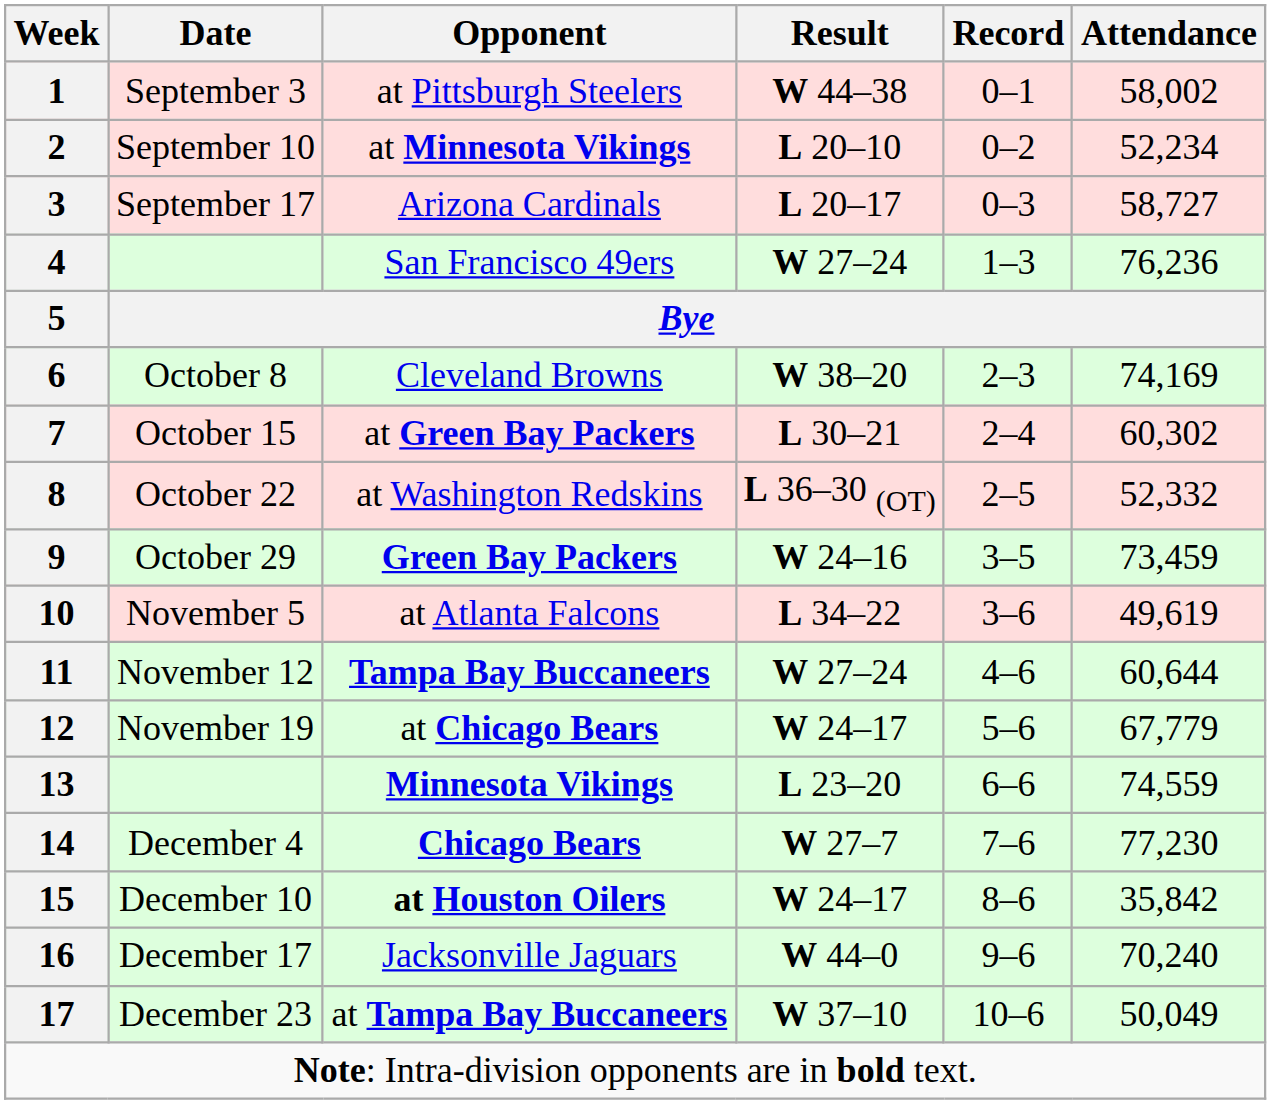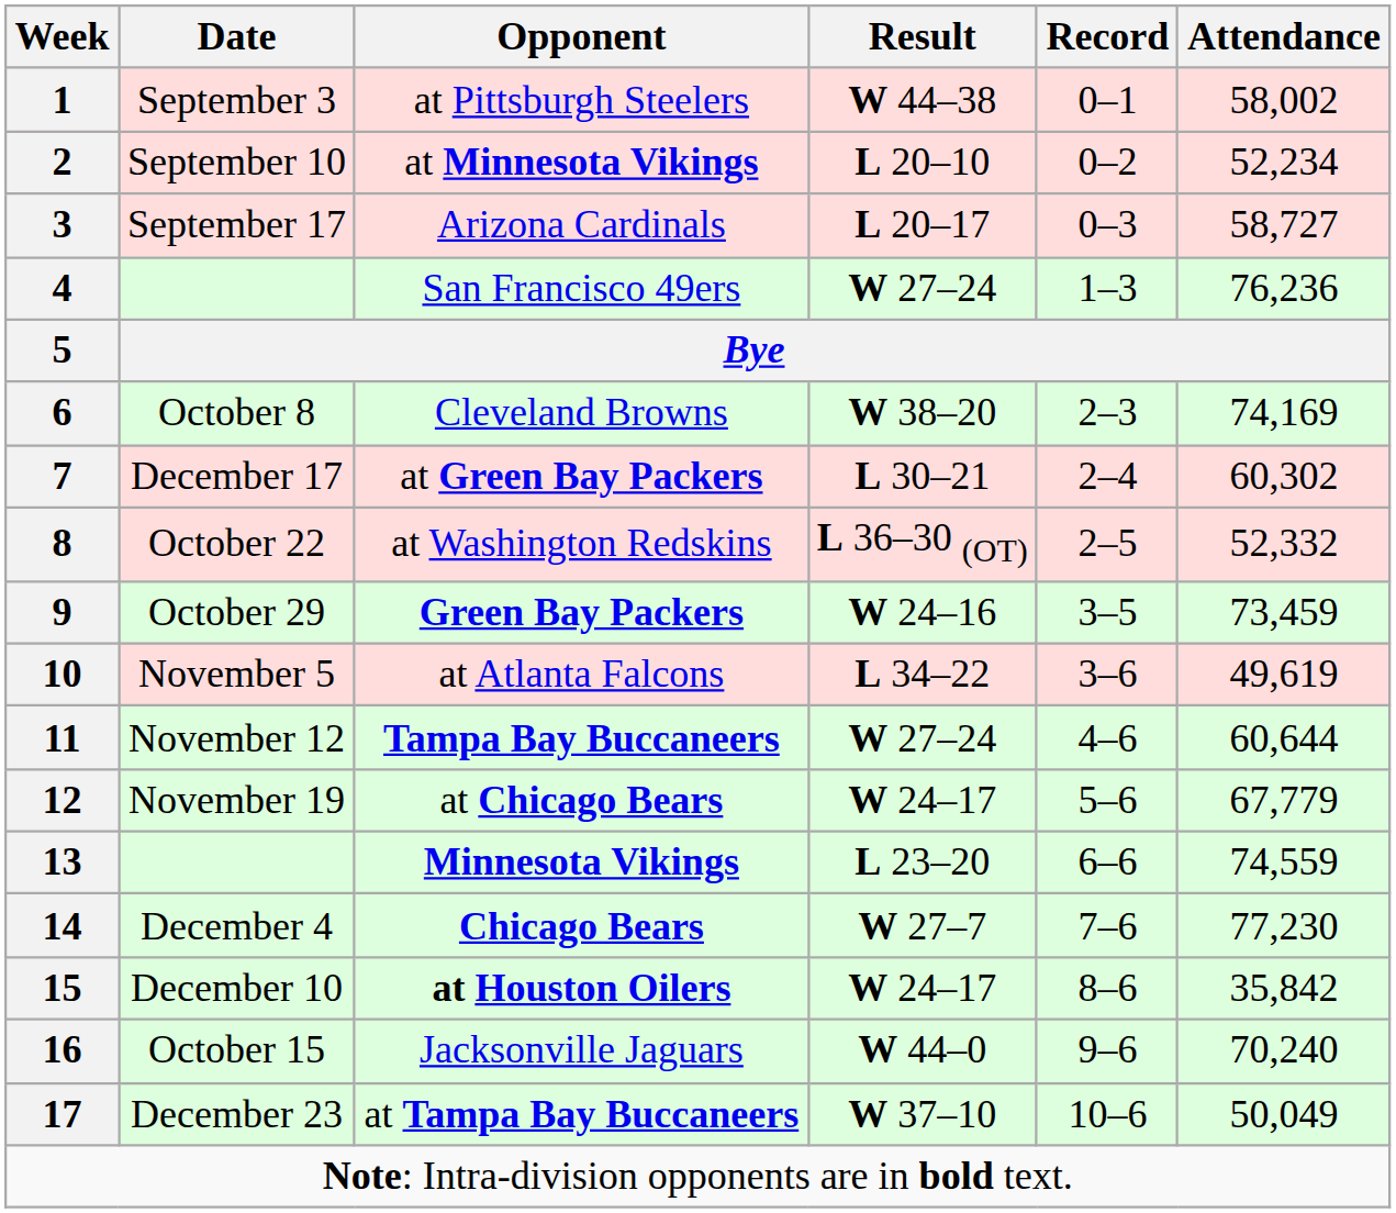 <table class="wikitable" style="text-align: center;">
 <tr>
 <th>Week</th>
 <th>Date</th>
 <th>Opponent</th>
 <th>Result</th>
 <th>Record</th>
 <th>Attendance</th>
 </tr>
 <tr style="background: #ffdddd;">
 <th>1</th>
 <td>September 3</td>
 <td>at <a href='#'>Pittsburgh Steelers</a></td>
 <td><strong>W</strong> 44–38</td>
 <td>0–1</td>
 <td>58,002</td>
 </tr>
 <tr style="background: #ffdddd;">
 <th>2</th>
 <td>September 10</td>
 <td>at <strong><a href='#'>Minnesota Vikings</a></strong></td>
 <td><strong>L</strong> 20–10</td>
 <td>0–2</td>
 <td>52,234</td>
 </tr>
 <tr style="background: #ffdddd;">
 <th>3</th>
 <td>September 17</td>
 <td><a href='#'>Arizona Cardinals</a></td>
 <td><strong>L</strong> 20–17</td>
 <td>0–3</td>
 <td>58,727</td>
 </tr>
 <tr style="background: #ddffdd;">
 <th>4</th>
 <td></td>
 <td><a href='#'>San Francisco 49ers</a></td>
 <td><strong>W</strong> 27–24</td>
 <td>1–3</td>
 <td>76,236</td>
 </tr>
 <tr>
 <th>5</th>
 <th colspan="5"><em><a href='#'>Bye</a></em></th>
 </tr>
 <tr style="background: #ddffdd;">
 <th>6</th>
 <td>October 8</td>
 <td><a href='#'>Cleveland Browns</a></td>
 <td><strong>W</strong> 38–20</td>
 <td>2–3</td>
 <td>74,169</td>
 </tr>
 <tr style="background: #ffdddd;">
 <th>7</th>
-<td>October 15</td>
+<td>December 17</td>
 <td>at <strong><a href='#'>Green Bay Packers</a></strong></td>
 <td><strong>L</strong> 30–21</td>
 <td>2–4</td>
 <td>60,302</td>
 </tr>
 <tr style="background: #ffdddd;">
 <th>8</th>
 <td>October 22</td>
 <td>at <a href='#'>Washington Redskins</a></td>
 <td><strong>L</strong> 36–30 <sub>(OT)</sub></td>
 <td>2–5</td>
 <td>52,332</td>
 </tr>
 <tr style="background: #ddffdd;">
 <th>9</th>
 <td>October 29</td>
 <td><strong><a href='#'>Green Bay Packers</a></strong></td>
 <td><strong>W</strong> 24–16</td>
 <td>3–5</td>
 <td>73,459</td>
 </tr>
 <tr style="background: #ffdddd;">
 <th>10</th>
 <td>November 5</td>
 <td>at <a href='#'>Atlanta Falcons</a></td>
 <td><strong>L</strong> 34–22</td>
 <td>3–6</td>
 <td>49,619</td>
 </tr>
 <tr style="background: #ddffdd;">
 <th>11</th>
 <td>November 12</td>
 <td><strong><a href='#'>Tampa Bay Buccaneers</a></strong></td>
 <td><strong>W</strong> 27–24</td>
 <td>4–6</td>
 <td>60,644</td>
 </tr>
 <tr style="background: #ddffdd;">
 <th>12</th>
 <td>November 19</td>
 <td>at <strong><a href='#'>Chicago Bears</a></strong></td>
 <td><strong>W</strong> 24–17</td>
 <td>5–6</td>
 <td>67,779</td>
 </tr>
 <tr style="background: #ddffdd;">
 <th>13</th>
 <td></td>
 <td><strong><a href='#'>Minnesota Vikings</a></strong></td>
 <td><strong>L</strong> 23–20</td>
 <td>6–6</td>
 <td>74,559</td>
 </tr>
 <tr style="background: #ddffdd;">
 <th>14</th>
 <td>December 4</td>
 <td><strong><a href='#'>Chicago Bears</a></strong></td>
 <td><strong>W</strong> 27–7</td>
 <td>7–6</td>
 <td>77,230</td>
 </tr>
 <tr style="background: #ddffdd;">
 <th>15</th>
 <td>December 10</td>
 <td><strong>at <a href='#'>Houston Oilers</a></strong></td>
 <td><strong>W</strong> 24–17</td>
 <td>8–6</td>
 <td>35,842</td>
 </tr>
 <tr style="background: #ddffdd;">
 <th>16</th>
-<td>December 17</td>
+<td>October 15</td>
 <td><a href='#'>Jacksonville Jaguars</a></td>
 <td><strong>W</strong> 44–0</td>
 <td>9–6</td>
 <td>70,240</td>
 </tr>
 <tr style="background: #ddffdd;">
 <th>17</th>
 <td>December 23</td>
 <td>at <strong><a href='#'>Tampa Bay Buccaneers</a></strong></td>
 <td><strong>W</strong> 37–10</td>
 <td>10–6</td>
 <td>50,049</td>
 </tr>
 <tr>
 <td colspan="6"><strong>Note</strong>: Intra-division opponents are in <strong>bold</strong> text.</td>
 </tr>
 </table>
